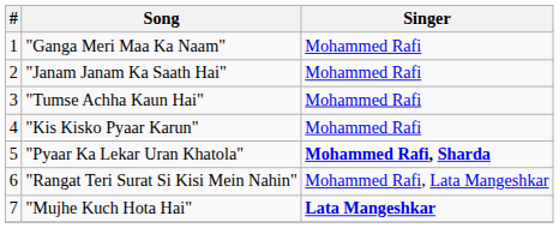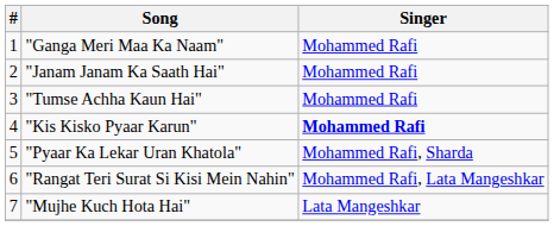 <table class="wikitable">
 <tr>
 <th>#</th>
 <th>Song</th>
 <th>Singer</th>
 </tr>
 <tr>
 <td>1</td>
 <td>"Ganga Meri Maa Ka Naam"</td>
 <td><a href='#'>Mohammed Rafi</a></td>
 </tr>
 <tr>
 <td>2</td>
 <td>"Janam Janam Ka Saath Hai"</td>
 <td><a href='#'>Mohammed Rafi</a></td>
 </tr>
 <tr>
 <td>3</td>
 <td>"Tumse Achha Kaun Hai"</td>
 <td><a href='#'>Mohammed Rafi</a></td>
 </tr>
 <tr>
 <td>4</td>
 <td>"Kis Kisko Pyaar Karun"</td>
-<td><a href='#'>Mohammed Rafi</a></td>
+<td><strong><a href='#'>Mohammed Rafi</a></strong></td>
 </tr>
 <tr>
 <td>5</td>
 <td>"Pyaar Ka Lekar Uran Khatola"</td>
-<td><strong><a href='#'>Mohammed Rafi</a>, <a href='#'>Sharda</a></strong></td>
+<td><a href='#'>Mohammed Rafi</a>, <a href='#'>Sharda</a></td>
 </tr>
 <tr>
 <td>6</td>
 <td>"Rangat Teri Surat Si Kisi Mein Nahin"</td>
 <td><a href='#'>Mohammed Rafi</a>, <a href='#'>Lata Mangeshkar</a></td>
 </tr>
 <tr>
 <td>7</td>
 <td>"Mujhe Kuch Hota Hai"</td>
-<td><strong><a href='#'>Lata Mangeshkar</a></strong></td>
+<td><a href='#'>Lata Mangeshkar</a></td>
 </tr>
 <tr>
 </tr>
 </table>
